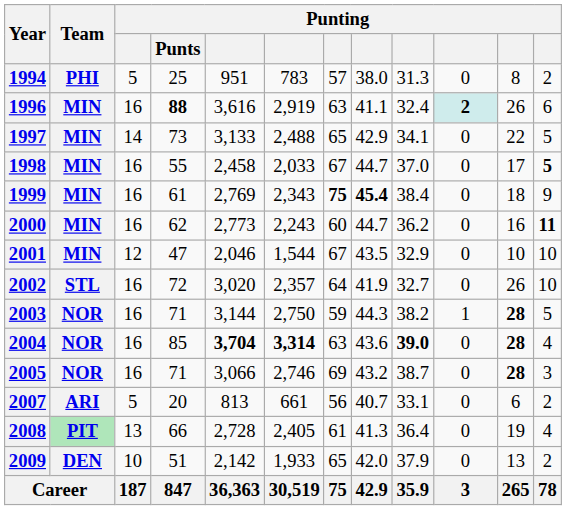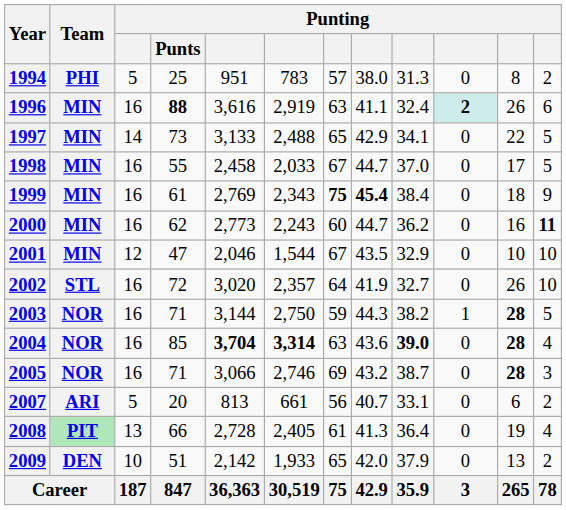 <table class=wikitable style="text-align:center;">
 <tr>
 <th rowspan="2">Year</th>
 <th rowspan="2">Team</th>
 <th colspan="10">Punting</th>
 </tr>
 <tr>
 <th></th>
 <th>Punts</th>
 <th></th>
 <th></th>
 <th></th>
 <th></th>
 <th></th>
 <th></th>
 <th></th>
 <th></th>
 </tr>
 <tr>
 <th><a href='#'>1994</a></th>
 <th><a href='#'>PHI</a></th>
 <td>5</td>
 <td>25</td>
 <td>951</td>
 <td>783</td>
 <td>57</td>
 <td>38.0</td>
 <td>31.3</td>
 <td>0</td>
 <td>8</td>
 <td>2</td>
 </tr>
 <tr>
 <th><a href='#'>1996</a></th>
 <th><a href='#'>MIN</a></th>
 <td>16</td>
 <td><strong>88</strong></td>
 <td>3,616</td>
 <td>2,919</td>
 <td>63</td>
 <td>41.1</td>
 <td>32.4</td>
 <td style="background:#cfecec; width:3em;"><strong>2</strong></td>
 <td>26</td>
 <td>6</td>
 </tr>
 <tr>
 <th><a href='#'>1997</a></th>
 <th><a href='#'>MIN</a></th>
 <td>14</td>
 <td>73</td>
 <td>3,133</td>
 <td>2,488</td>
 <td>65</td>
 <td>42.9</td>
 <td>34.1</td>
 <td>0</td>
 <td>22</td>
 <td>5</td>
 </tr>
 <tr>
 <th><a href='#'>1998</a></th>
 <th><a href='#'>MIN</a></th>
 <td>16</td>
 <td>55</td>
 <td>2,458</td>
 <td>2,033</td>
 <td>67</td>
 <td>44.7</td>
 <td>37.0</td>
 <td>0</td>
 <td>17</td>
-<td><strong>5</strong></td>
+<td>5</td>
 </tr>
 <tr>
 <th><a href='#'>1999</a></th>
 <th><a href='#'>MIN</a></th>
 <td>16</td>
 <td>61</td>
 <td>2,769</td>
 <td>2,343</td>
 <td><strong>75</strong></td>
 <td><strong>45.4</strong></td>
 <td>38.4</td>
 <td>0</td>
 <td>18</td>
 <td>9</td>
 </tr>
 <tr>
 <th><a href='#'>2000</a></th>
 <th><a href='#'>MIN</a></th>
 <td>16</td>
 <td>62</td>
 <td>2,773</td>
 <td>2,243</td>
 <td>60</td>
 <td>44.7</td>
 <td>36.2</td>
 <td>0</td>
 <td>16</td>
 <td><strong>11</strong></td>
 </tr>
 <tr>
 <th><a href='#'>2001</a></th>
 <th><a href='#'>MIN</a></th>
 <td>12</td>
 <td>47</td>
 <td>2,046</td>
 <td>1,544</td>
 <td>67</td>
 <td>43.5</td>
 <td>32.9</td>
 <td>0</td>
 <td>10</td>
 <td>10</td>
 </tr>
 <tr>
 <th><a href='#'>2002</a></th>
 <th><a href='#'>STL</a></th>
 <td>16</td>
 <td>72</td>
 <td>3,020</td>
 <td>2,357</td>
 <td>64</td>
 <td>41.9</td>
 <td>32.7</td>
 <td>0</td>
 <td>26</td>
 <td>10</td>
 </tr>
 <tr>
 <th><a href='#'>2003</a></th>
 <th><a href='#'>NOR</a></th>
 <td>16</td>
 <td>71</td>
 <td>3,144</td>
 <td>2,750</td>
 <td>59</td>
 <td>44.3</td>
 <td>38.2</td>
 <td>1</td>
 <td><strong>28</strong></td>
 <td>5</td>
 </tr>
 <tr>
 <th><a href='#'>2004</a></th>
 <th><a href='#'>NOR</a></th>
 <td>16</td>
 <td>85</td>
 <td><strong>3,704</strong></td>
 <td><strong>3,314</strong></td>
 <td>63</td>
 <td>43.6</td>
 <td><strong>39.0</strong></td>
 <td>0</td>
 <td><strong>28</strong></td>
 <td>4</td>
 </tr>
 <tr>
 <th><a href='#'>2005</a></th>
 <th><a href='#'>NOR</a></th>
 <td>16</td>
 <td>71</td>
 <td>3,066</td>
 <td>2,746</td>
 <td>69</td>
 <td>43.2</td>
 <td>38.7</td>
 <td>0</td>
 <td><strong>28</strong></td>
 <td>3</td>
 </tr>
 <tr>
 <th><a href='#'>2007</a></th>
 <th><a href='#'>ARI</a></th>
 <td>5</td>
 <td>20</td>
 <td>813</td>
 <td>661</td>
 <td>56</td>
 <td>40.7</td>
 <td>33.1</td>
 <td>0</td>
 <td>6</td>
 <td>2</td>
 </tr>
 <tr>
 <th><a href='#'>2008</a></th>
 <th style="background:#afe6ba; width:3em;"><a href='#'>PIT</a></th>
 <td>13</td>
 <td>66</td>
 <td>2,728</td>
 <td>2,405</td>
 <td>61</td>
 <td>41.3</td>
 <td>36.4</td>
 <td>0</td>
 <td>19</td>
 <td>4</td>
 </tr>
 <tr>
 <th><a href='#'>2009</a></th>
 <th><a href='#'>DEN</a></th>
 <td>10</td>
 <td>51</td>
 <td>2,142</td>
 <td>1,933</td>
 <td>65</td>
 <td>42.0</td>
 <td>37.9</td>
 <td>0</td>
 <td>13</td>
 <td>2</td>
 </tr>
 <tr>
 <th colspan="2">Career</th>
 <th>187</th>
 <th>847</th>
 <th>36,363</th>
 <th>30,519</th>
 <th>75</th>
 <th>42.9</th>
 <th>35.9</th>
 <th>3</th>
 <th>265</th>
 <th>78</th>
 </tr>
 </table>
